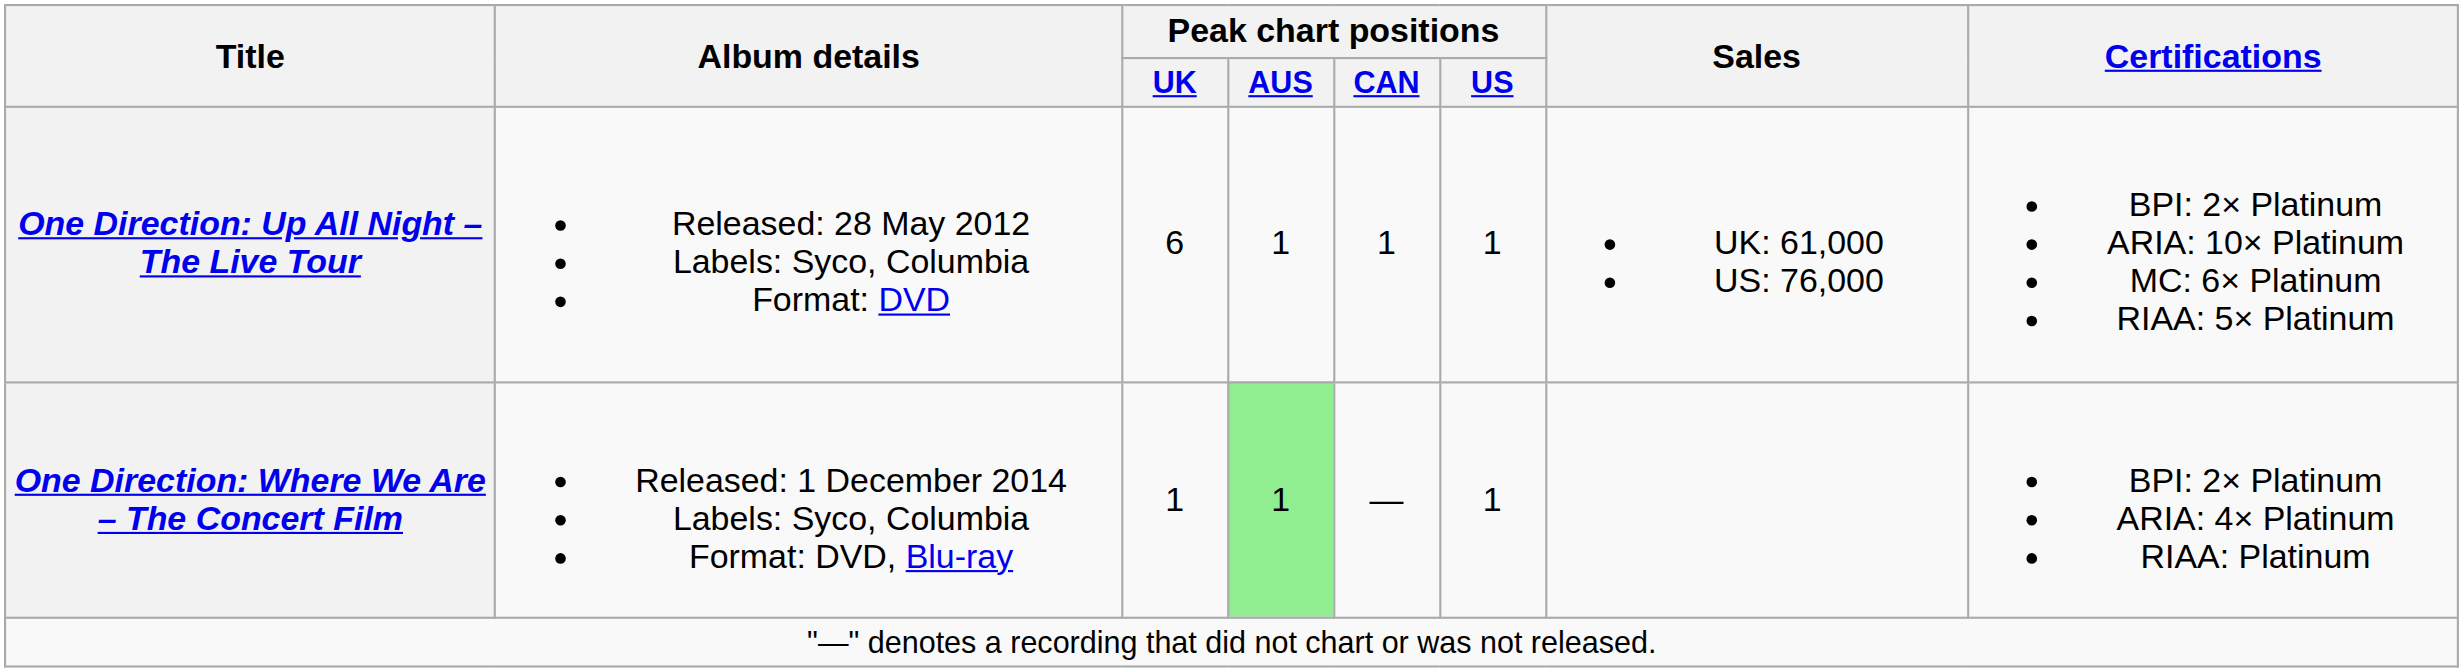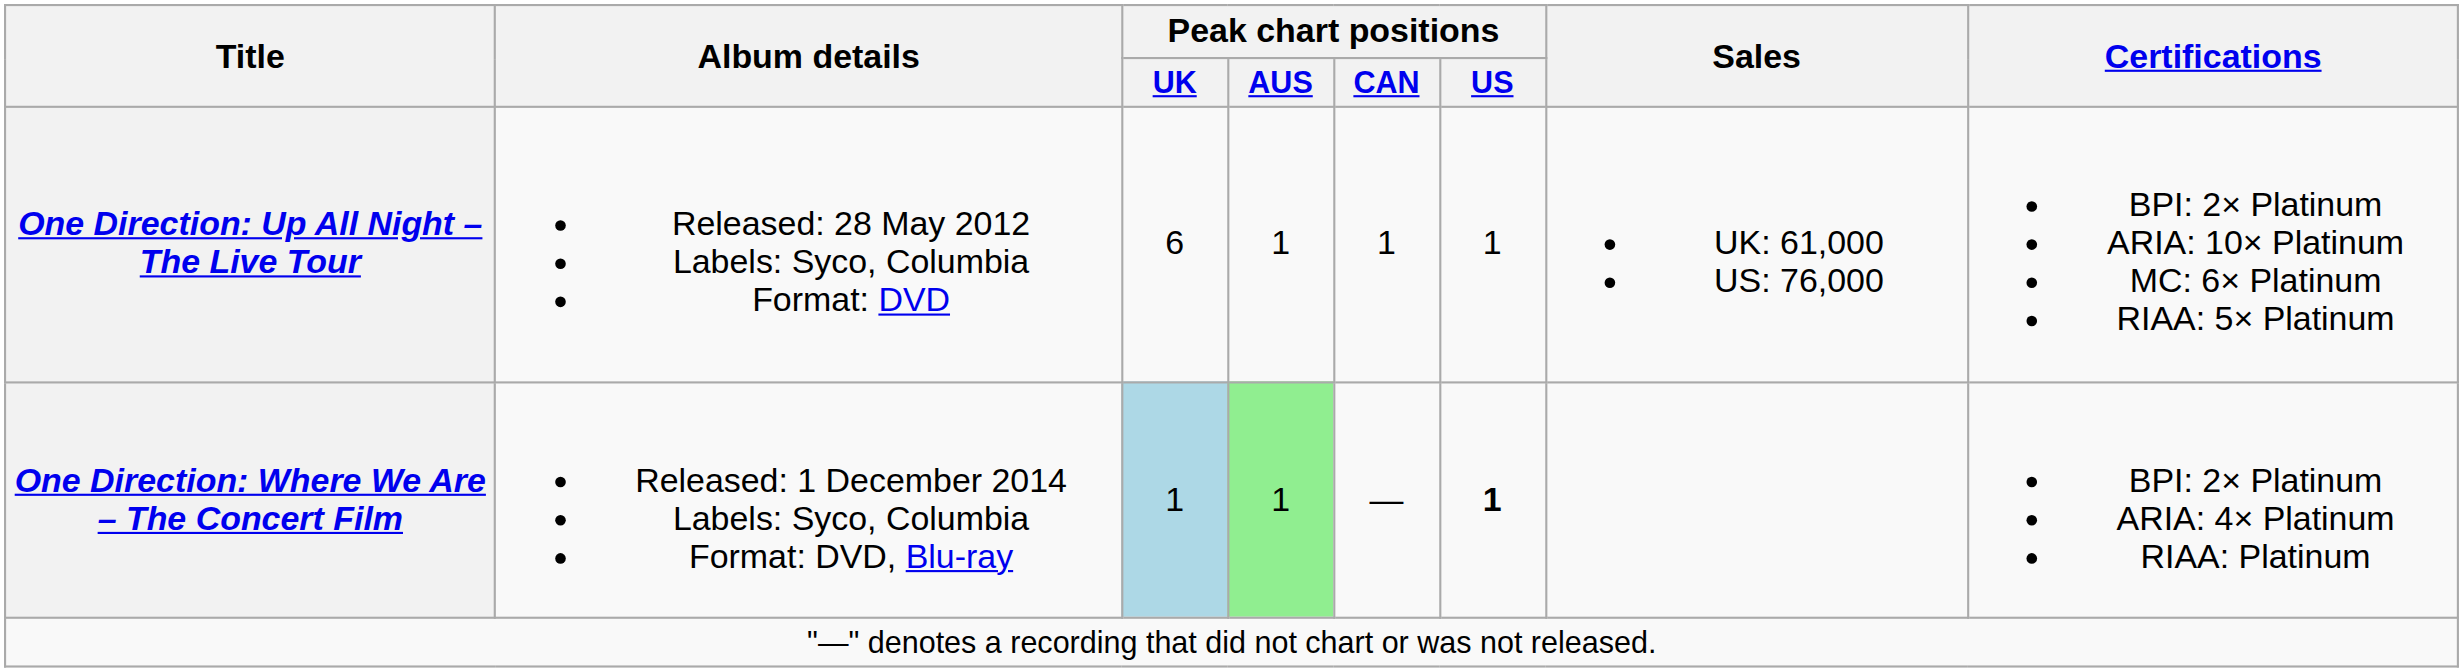 <table class="wikitable plainrowheaders" style="text-align:center;">
 <tr>
 <th scope="col" rowspan="2" style="width:14em;">Title</th>
 <th scope="col" rowspan="2" style="width:18em;">Album details</th>
 <th scope="col" colspan="4">Peak chart positions</th>
 <th scope="col" rowspan="2" style="width:12em;">Sales</th>
 <th scope="col" rowspan="2" style="width:14em;"><a href='#'>Certifications</a></th>
 </tr>
 <tr>
 <th scope="col" style="width:3em;font-size:90%;"><a href='#'>UK</a><br></th>
 <th scope="col" style="width:3em;font-size:90%;"><a href='#'>AUS</a><br></th>
 <th scope="col" style="width:3em;font-size:90%;"><a href='#'>CAN</a><br></th>
 <th scope="col" style="width:3em;font-size:90%;"><a href='#'>US</a><br></th>
 </tr>
 <tr>
 <th scope="row"><em><a href='#'>One Direction: Up All Night – The Live Tour</a></em></th>
 <td><br><ul><li>Released: 28 May 2012</li><li>Labels: Syco, Columbia</li><li>Format: <a href='#'>DVD</a></li></ul></td>
 <td>6</td>
 <td>1</td>
 <td>1</td>
 <td>1</td>
 <td><br><ul><li>UK: 61,000</li><li>US: 76,000</li></ul></td>
 <td><br><ul><li>BPI: 2× Platinum</li><li>ARIA: 10× Platinum</li><li>MC: 6× Platinum</li><li>RIAA: 5× Platinum</li></ul></td>
 </tr>
 <tr>
 <th scope="row"><em><a href='#'>One Direction: Where We Are – The Concert Film</a></em></th>
 <td><br><ul><li>Released: 1 December 2014</li><li>Labels: Syco, Columbia</li><li>Format: DVD, <a href='#'>Blu-ray</a></li></ul></td>
-<td>1</td>
+<td style="background: lightblue;">1</td>
 <td style="background: lightgreen;">1</td>
 <td>—</td>
-<td>1</td>
+<td><strong>1</strong></td>
 <td></td>
 <td><br><ul><li>BPI: 2× Platinum</li><li>ARIA: 4× Platinum</li><li>RIAA: Platinum</li></ul></td>
 </tr>
 <tr>
 <td colspan="9" style="font-size:90%">"—" denotes a recording that did not chart or was not released.</td>
 </tr>
 </table>
